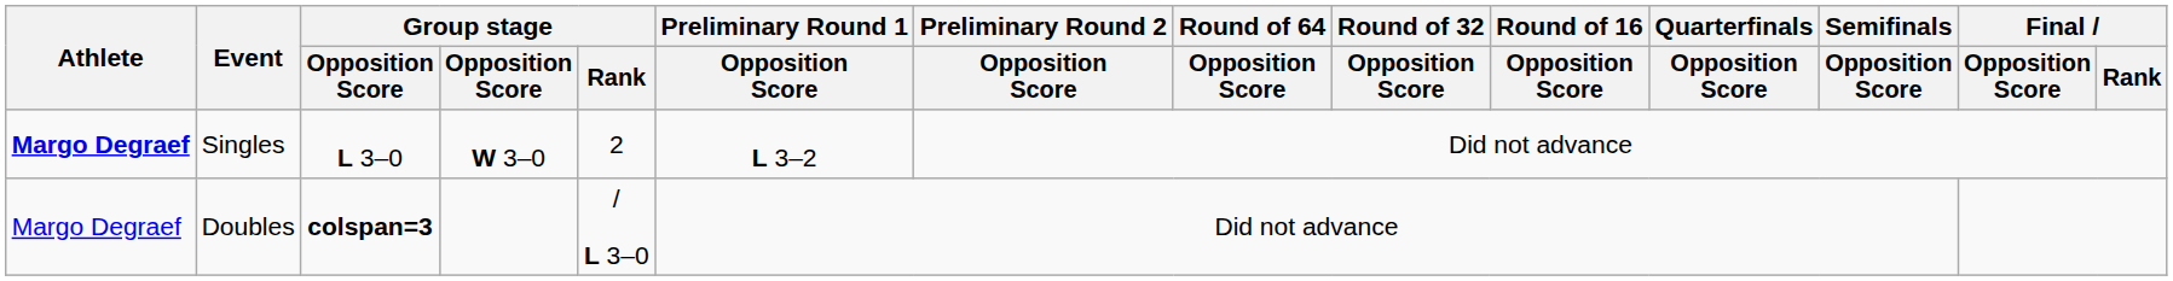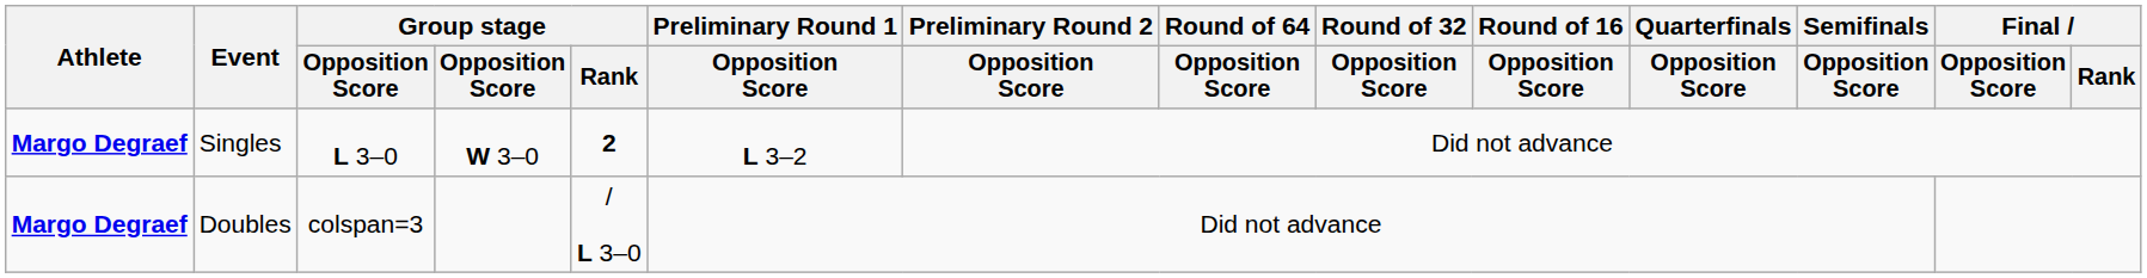 <table class=wikitable style=font-size:90%;text-align:center>
 <tr>
 <th rowspan=2>Athlete</th>
 <th rowspan=2>Event</th>
 <th colspan=3>Group stage</th>
 <th>Preliminary Round 1</th>
 <th>Preliminary Round 2</th>
 <th>Round of 64</th>
 <th>Round of 32</th>
 <th>Round of 16</th>
 <th>Quarterfinals</th>
 <th>Semifinals</th>
 <th colspan=2>Final / </th>
 </tr>
 <tr style=font-size:95%>
 <th>Opposition<br>Score</th>
 <th>Opposition<br>Score</th>
 <th>Rank</th>
 <th>Opposition<br>Score</th>
 <th>Opposition<br>Score</th>
 <th>Opposition<br>Score</th>
 <th>Opposition<br>Score</th>
 <th>Opposition<br>Score</th>
 <th>Opposition<br>Score</th>
 <th>Opposition<br>Score</th>
 <th>Opposition<br>Score</th>
 <th>Rank</th>
 </tr>
 <tr>
 <td align=left><strong><a href='#'>Margo Degraef</a></strong></td>
 <td align=left>Singles</td>
 <td><br><strong>L</strong> 3–0</td>
 <td><br><strong>W</strong> 3–0</td>
-<td>2</td>
+<td><strong>2</strong></td>
 <td><br><strong>L</strong> 3–2</td>
 <td colspan=9>Did not advance</td>
 </tr>
 <tr>
-<td align=left><a href='#'>Margo Degraef</a><br></td>
+<td align=left><strong><a href='#'>Margo Degraef</a><br></strong></td>
 <td>Doubles</td>
-<td><strong>colspan=3</strong></td>
+<td>colspan=3</td>
 <td></td>
 <td> /<br><br><strong>L</strong> 3–0</td>
 <td colspan=7>Did not advance</td>
 </tr>
 </table>
